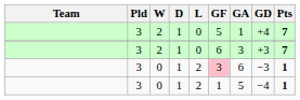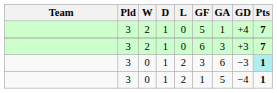 <table class="wikitable" style="text-align: center;">
 <tr>
 <th width="165">Team</th>
 <th width="20">Pld</th>
 <th width="20">W</th>
 <th width="20">D</th>
 <th width="20">L</th>
 <th width="20">GF</th>
 <th width="20">GA</th>
 <th width="20">GD</th>
 <th width="20">Pts</th>
 </tr>
 <tr style="background: #ccffcc;">
 <td style="text-align:left; "></td>
 <td>3</td>
 <td>2</td>
 <td>1</td>
 <td>0</td>
 <td>5</td>
 <td>1</td>
 <td>+4</td>
 <td><strong>7</strong></td>
 </tr>
 <tr>
 </tr>
 <tr style="background: #ccffcc;">
 <td style="text-align:left; "></td>
 <td>3</td>
 <td>2</td>
 <td>1</td>
 <td>0</td>
 <td>6</td>
 <td>3</td>
 <td>+3</td>
 <td><strong>7</strong></td>
 </tr>
 <tr>
 <td style="text-align:left; "></td>
 <td>3</td>
 <td>0</td>
 <td>1</td>
 <td>2</td>
-<td style="background: pink;">3</td>
+<td>3</td>
 <td>6</td>
 <td>−3</td>
-<td><strong>1</strong></td>
+<td style="background: paleturquoise;"><strong>1</strong></td>
 </tr>
 <tr>
 <td style="text-align:left; "></td>
 <td>3</td>
 <td>0</td>
 <td>1</td>
 <td>2</td>
 <td>1</td>
 <td>5</td>
 <td>−4</td>
 <td><strong>1</strong></td>
 </tr>
 </table>
